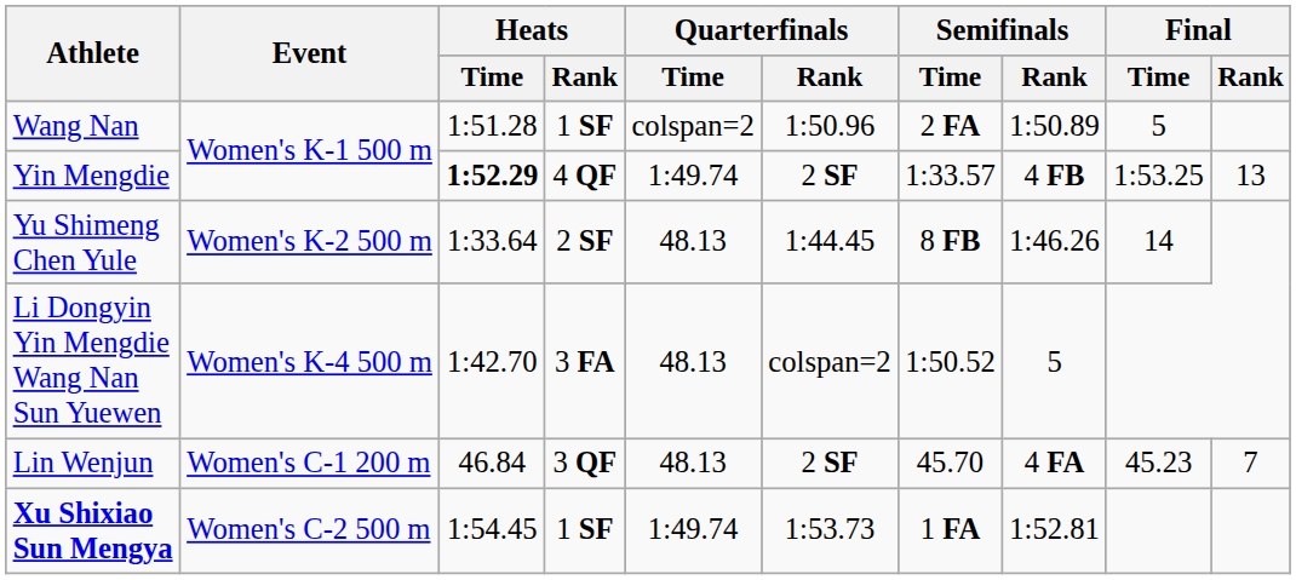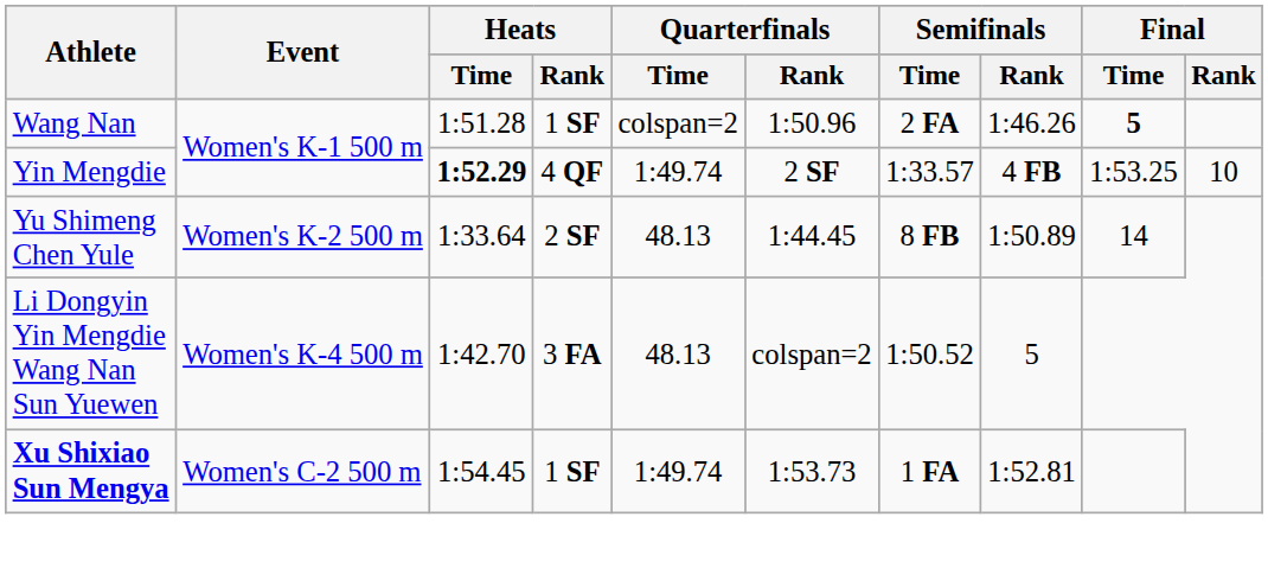 <table class=wikitable style="font-size:90%">
 <tr>
 <th rowspan="2">Athlete</th>
 <th rowspan="2">Event</th>
 <th colspan=2>Heats</th>
 <th colspan=2>Quarterfinals</th>
 <th colspan=2>Semifinals</th>
 <th colspan=2>Final</th>
 </tr>
 <tr style="font-size:95%">
 <th>Time</th>
 <th>Rank</th>
 <th>Time</th>
 <th>Rank</th>
 <th>Time</th>
 <th>Rank</th>
 <th>Time</th>
 <th>Rank</th>
 </tr>
 <tr align=center>
 <td align=left><a href='#'>Wang Nan</a></td>
 <td align=left rowspan=2><a href='#'>Women's K-1 500 m</a></td>
 <td>1:51.28</td>
 <td>1 <strong>SF</strong></td>
 <td>colspan=2</td>
 <td>1:50.96</td>
 <td>2 <strong>FA</strong></td>
-<td>1:50.89</td>
-<td>5</td>
+<td>1:46.26</td>
+<td><strong>5</strong></td>
 </tr>
 <tr align=center>
 <td align=left><a href='#'>Yin Mengdie</a></td>
 <td><strong>1:52.29</strong></td>
 <td>4 <strong>QF</strong></td>
 <td>1:49.74</td>
 <td>2 <strong>SF</strong></td>
 <td>1:33.57</td>
 <td>4 <strong>FB</strong></td>
 <td>1:53.25</td>
-<td>13</td>
+<td>10</td>
 </tr>
 <tr align=center>
 <td align=left><a href='#'>Yu Shimeng</a><br><a href='#'>Chen Yule</a></td>
 <td align=left><a href='#'>Women's K-2 500 m</a></td>
 <td>1:33.64</td>
 <td>2 <strong>SF</strong></td>
 <td>48.13</td>
 <td>1:44.45</td>
 <td>8 <strong>FB</strong></td>
-<td>1:46.26</td>
+<td>1:50.89</td>
 <td>14</td>
 </tr>
 <tr align=center>
 <td align=left><a href='#'>Li Dongyin</a><br><a href='#'>Yin Mengdie</a><br><a href='#'>Wang Nan</a><br><a href='#'>Sun Yuewen</a></td>
 <td align=left><a href='#'>Women's K-4 500 m</a></td>
 <td>1:42.70</td>
 <td>3 <strong>FA</strong></td>
 <td>48.13</td>
 <td>colspan=2</td>
 <td>1:50.52</td>
 <td>5</td>
 </tr>
 <tr align=center>
-<td align=left><a href='#'>Lin Wenjun</a></td>
-<td align=left><a href='#'>Women's C-1 200 m</a></td>
-<td>46.84</td>
-<td>3 <strong>QF</strong></td>
-<td>48.13</td>
-<td>2 <strong>SF</strong></td>
-<td>45.70</td>
-<td>4 <strong>FA</strong></td>
-<td>45.23</td>
-<td>7</td>
-</tr>
-<tr align=center>
 <td align=left><strong><a href='#'>Xu Shixiao</a><br><a href='#'>Sun Mengya</a></strong></td>
 <td align=left><a href='#'>Women's C-2 500 m</a></td>
 <td>1:54.45</td>
 <td>1 <strong>SF</strong></td>
 <td>1:49.74</td>
 <td>1:53.73</td>
 <td>1 <strong>FA</strong></td>
 <td>1:52.81</td>
 <td></td>
 </tr>
 </table>
